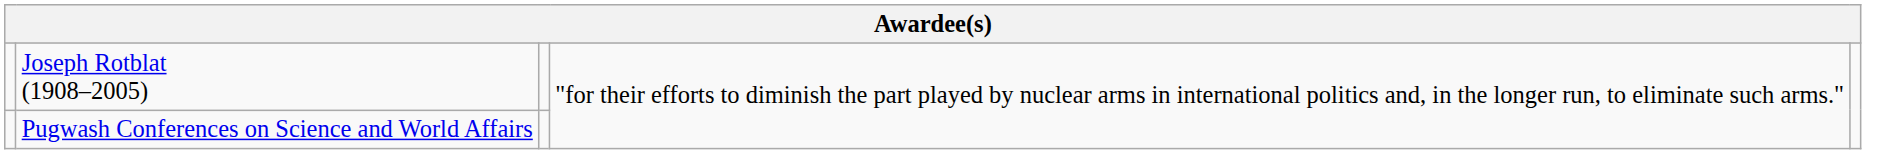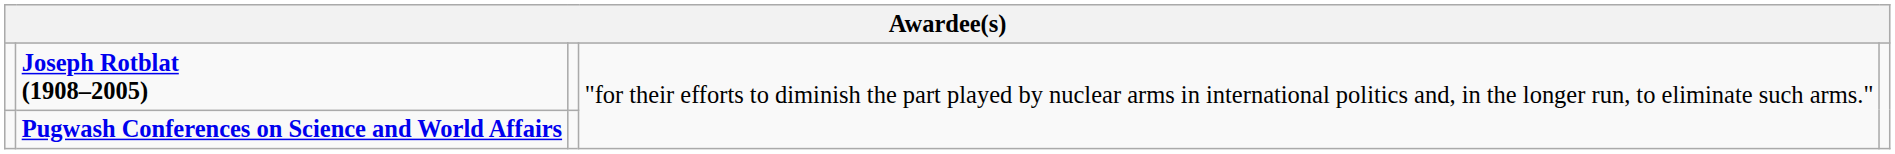 <table class="wikitable">
 <tr>
 <th colspan="5">Awardee(s)</th>
 </tr>
 <tr>
 <td></td>
-<td><a href='#'>Joseph Rotblat</a><br>(1908–2005)</td>
+<td><strong><a href='#'>Joseph Rotblat</a><br>(1908–2005)</strong></td>
 <td></td>
 <td rowspan="2">"for their efforts to diminish the part played by nuclear arms in international politics and, in the longer run, to eliminate such arms."</td>
 <td rowspan="2"></td>
 </tr>
 <tr>
 <td></td>
-<td><a href='#'>Pugwash Conferences on Science and World Affairs</a></td>
+<td><strong><a href='#'>Pugwash Conferences on Science and World Affairs</a></strong></td>
 <td></td>
 </tr>
 </table>
